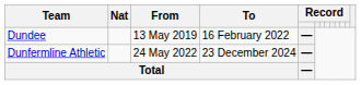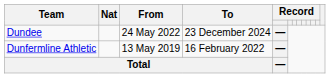 <table class="wikitable" style="text-align: center">
 <tr>
 <th rowspan="2">Team</th>
 <th rowspan="2">Nat</th>
 <th rowspan="2">From</th>
 <th rowspan="2">To</th>
 <th colspan="8">Record</th>
 <th rowspan=2></th>
 </tr>
 <tr>
 <th></th>
 <th></th>
 <th></th>
 <th></th>
 <th></th>
 <th></th>
 <th></th>
 <th></th>
 </tr>
 <tr>
 <td align=left><a href='#'>Dundee</a></td>
 <td></td>
-<td align=left>13 May 2019</td>
-<td align=left>16 February 2022<br></td>
+<td align=left>24 May 2022</td>
+<td align=left>23 December 2024<br></td>
 <th>—</th>
 </tr>
 <tr>
 <td align=left><a href='#'>Dunfermline Athletic</a></td>
 <td></td>
-<td align=left>24 May 2022</td>
-<td align=left>23 December 2024<br></td>
+<td align=left>13 May 2019</td>
+<td align=left>16 February 2022<br></td>
 <th>—</th>
 </tr>
 <tr>
 <th colspan="4">Total<br></th>
 <th>—</th>
 </tr>
 </table>
